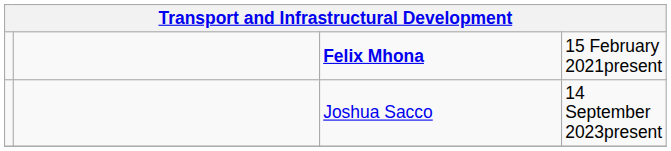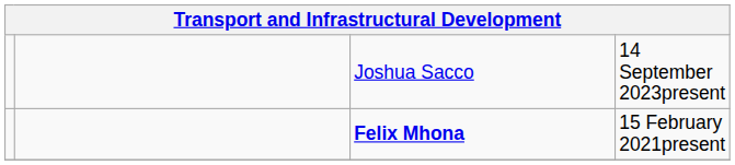 <table class="wikitable">
 <tr>
 <th colspan="4"><a href='#'>Transport and Infrastructural Development</a></th>
+</tr>
+<tr>
+<td style="width: 1px; background: "></td>
+<td style="width: 450px;"></td>
+<td style="width: 320px;"> <a href='#'>Joshua Sacco</a></td>
+<td>14 September 2023present</td>
 </tr>
 <tr>
 <td style="width: 1px; background: "></td>
 <td style="width: 450px;"></td>
 <td style="width: 320px;"> <strong><a href='#'>Felix Mhona</a></strong></td>
 <td>15 February 2021present</td>
 </tr>
 <tr>
-<td style="width: 1px; background: "></td>
-<td style="width: 450px;"></td>
-<td style="width: 320px;"> <a href='#'>Joshua Sacco</a></td>
-<td>14 September 2023present</td>
-</tr>
-<tr>
 </tr>
 </table>
